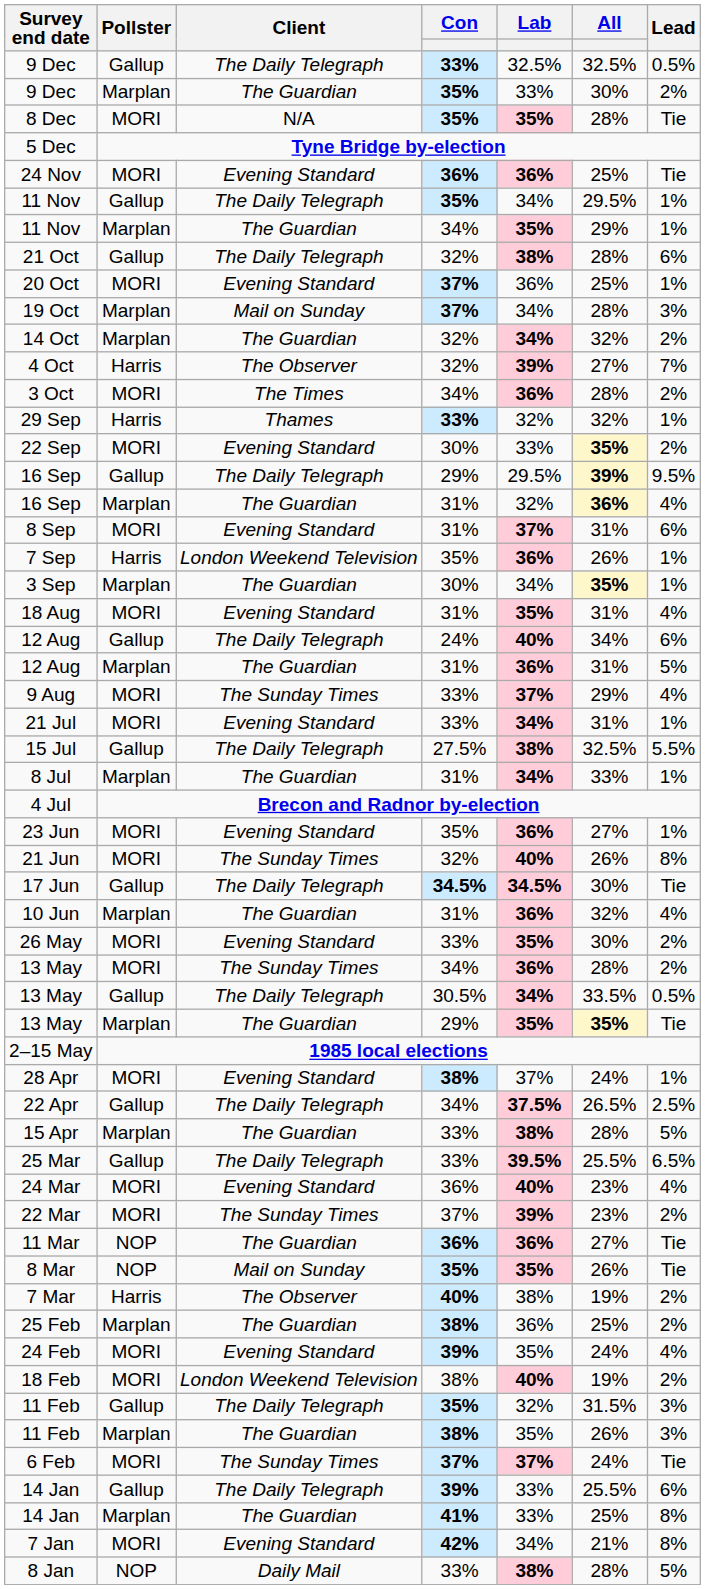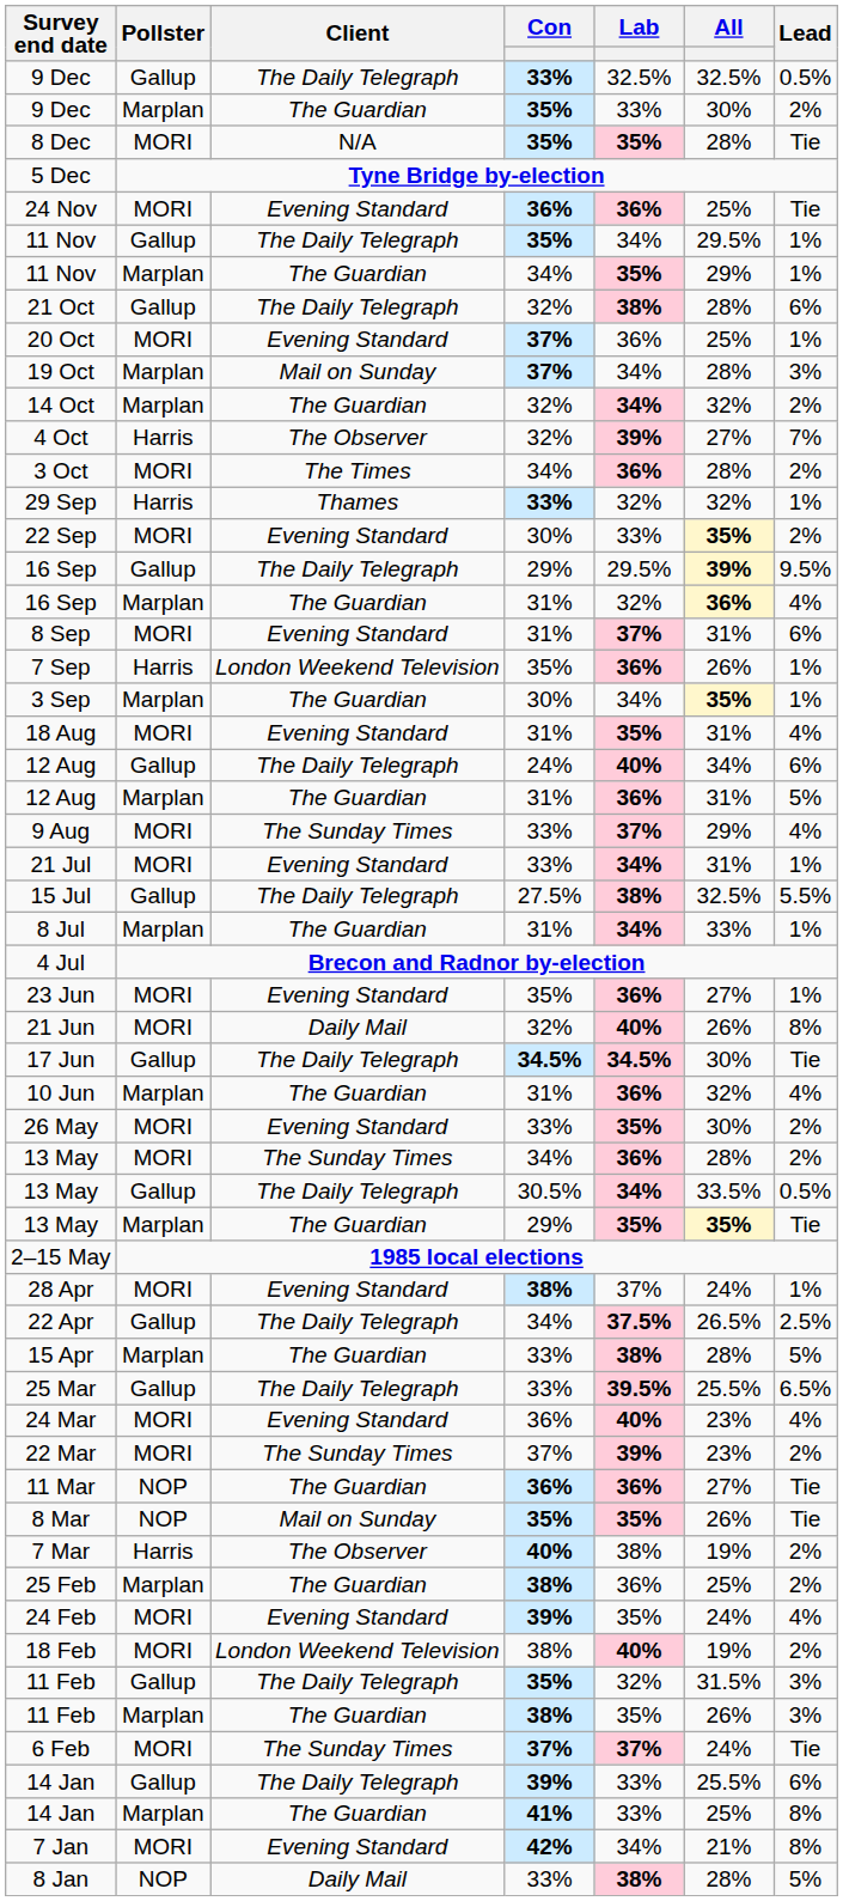 <table class="wikitable sortable mw-datatable" style="text-align:center;font-size:90%;line-height:14px;">
 <tr>
 <th rowspan="2">Survey<br>end date</th>
 <th rowspan="2">Pollster</th>
 <th rowspan="2">Client</th>
 <th class="unsortable" style="width:50px;"><a href='#'>Con</a></th>
 <th class="unsortable" style="width:50px;"><a href='#'>Lab</a></th>
 <th class="unsortable" style="width:50px;"><a href='#'>All</a></th>
 <th rowspan="2">Lead</th>
 </tr>
 <tr>
 <th style="background:"></th>
 <th style="background:"></th>
 <th style="background:"></th>
 </tr>
 <tr>
 <td>9 Dec</td>
 <td>Gallup</td>
 <td><em>The Daily Telegraph</em></td>
 <td style="background:#CCEBFF;"><strong>33%</strong></td>
 <td>32.5%</td>
 <td>32.5%</td>
 <td style="background:">0.5%</td>
 </tr>
 <tr>
 <td>9 Dec</td>
 <td>Marplan</td>
 <td><em>The Guardian</em></td>
 <td style="background:#CCEBFF;"><strong>35%</strong></td>
 <td>33%</td>
 <td>30%</td>
 <td style="background:">2%</td>
 </tr>
 <tr>
 <td>8 Dec</td>
 <td>MORI</td>
 <td>N/A</td>
 <td style="background:#CCEBFF;"><strong>35%</strong></td>
 <td style="background:#FFCCDA;"><strong>35%</strong></td>
 <td>28%</td>
 <td>Tie</td>
 </tr>
 <tr>
 <td>5 Dec</td>
 <td colspan="6"><a href='#'><strong>Tyne Bridge by-election</strong></a></td>
 </tr>
 <tr>
 <td>24 Nov</td>
 <td>MORI</td>
 <td><em>Evening Standard</em></td>
 <td style="background:#CCEBFF;"><strong>36%</strong></td>
 <td style="background:#FFCCDA;"><strong>36%</strong></td>
 <td>25%</td>
 <td>Tie</td>
 </tr>
 <tr>
 <td>11 Nov</td>
 <td>Gallup</td>
 <td><em>The Daily Telegraph</em></td>
 <td style="background:#CCEBFF;"><strong>35%</strong></td>
 <td>34%</td>
 <td>29.5%</td>
 <td style="background:">1%</td>
 </tr>
 <tr>
 <td>11 Nov</td>
 <td>Marplan</td>
 <td><em>The Guardian</em></td>
 <td>34%</td>
 <td style="background:#FFCCDA;"><strong>35%</strong></td>
 <td>29%</td>
 <td style="background:">1%</td>
 </tr>
 <tr>
 <td>21 Oct</td>
 <td>Gallup</td>
 <td><em>The Daily Telegraph</em></td>
 <td>32%</td>
 <td style="background:#FFCCDA;"><strong>38%</strong></td>
 <td>28%</td>
 <td style="background:">6%</td>
 </tr>
 <tr>
 <td>20 Oct</td>
 <td>MORI</td>
 <td><em>Evening Standard</em></td>
 <td style="background:#CCEBFF;"><strong>37%</strong></td>
 <td>36%</td>
 <td>25%</td>
 <td style="background:">1%</td>
 </tr>
 <tr>
 <td>19 Oct</td>
 <td>Marplan</td>
 <td><em>Mail on Sunday</em></td>
 <td style="background:#CCEBFF;"><strong>37%</strong></td>
 <td>34%</td>
 <td>28%</td>
 <td style="background:">3%</td>
 </tr>
 <tr>
 <td>14 Oct</td>
 <td>Marplan</td>
 <td><em>The Guardian</em></td>
 <td>32%</td>
 <td style="background:#FFCCDA;"><strong>34%</strong></td>
 <td>32%</td>
 <td style="background:">2%</td>
 </tr>
 <tr>
 <td>4 Oct</td>
 <td>Harris</td>
 <td><em>The Observer</em></td>
 <td>32%</td>
 <td style="background:#FFCCDA;"><strong>39%</strong></td>
 <td>27%</td>
 <td style="background:">7%</td>
 </tr>
 <tr>
 <td>3 Oct</td>
 <td>MORI</td>
 <td><em>The Times</em></td>
 <td>34%</td>
 <td style="background:#FFCCDA;"><strong>36%</strong></td>
 <td>28%</td>
 <td style="background:">2%</td>
 </tr>
 <tr>
 <td>29 Sep</td>
 <td>Harris</td>
 <td><em>Thames</em></td>
 <td style="background:#CCEBFF;"><strong>33%</strong></td>
 <td>32%</td>
 <td>32%</td>
 <td style="background:">1%</td>
 </tr>
 <tr>
 <td>22 Sep</td>
 <td>MORI</td>
 <td><em>Evening Standard</em></td>
 <td>30%</td>
 <td>33%</td>
 <td style="background:#FFF7CC"><strong>35%</strong></td>
 <td style="background:">2%</td>
 </tr>
 <tr>
 <td>16 Sep</td>
 <td>Gallup</td>
 <td><em>The Daily Telegraph</em></td>
 <td>29%</td>
 <td>29.5%</td>
 <td style="background:#FFF7CC"><strong>39%</strong></td>
 <td style="background:">9.5%</td>
 </tr>
 <tr>
 <td>16 Sep</td>
 <td>Marplan</td>
 <td><em>The Guardian</em></td>
 <td>31%</td>
 <td>32%</td>
 <td style="background:#FFF7CC"><strong>36%</strong></td>
 <td style="background:">4%</td>
 </tr>
 <tr>
 <td>8 Sep</td>
 <td>MORI</td>
 <td><em>Evening Standard</em></td>
 <td>31%</td>
 <td style="background:#FFCCDA;"><strong>37%</strong></td>
 <td>31%</td>
 <td style="background:">6%</td>
 </tr>
 <tr>
 <td>7 Sep</td>
 <td>Harris</td>
 <td><em>London Weekend Television</em></td>
 <td>35%</td>
 <td style="background:#FFCCDA;"><strong>36%</strong></td>
 <td>26%</td>
 <td style="background:">1%</td>
 </tr>
 <tr>
 <td>3 Sep</td>
 <td>Marplan</td>
 <td><em>The Guardian</em></td>
 <td>30%</td>
 <td>34%</td>
 <td style="background:#FFF7CC"><strong>35%</strong></td>
 <td style="background:">1%</td>
 </tr>
 <tr>
 <td>18 Aug</td>
 <td>MORI</td>
 <td><em>Evening Standard</em></td>
 <td>31%</td>
 <td style="background:#FFCCDA;"><strong>35%</strong></td>
 <td>31%</td>
 <td style="background:">4%</td>
 </tr>
 <tr>
 <td>12 Aug</td>
 <td>Gallup</td>
 <td><em>The Daily Telegraph</em></td>
 <td>24%</td>
 <td style="background:#FFCCDA;"><strong>40%</strong></td>
 <td>34%</td>
 <td style="background:">6%</td>
 </tr>
 <tr>
 <td>12 Aug</td>
 <td>Marplan</td>
 <td><em>The Guardian</em></td>
 <td>31%</td>
 <td style="background:#FFCCDA;"><strong>36%</strong></td>
 <td>31%</td>
 <td style="background:">5%</td>
 </tr>
 <tr>
 <td>9 Aug</td>
 <td>MORI</td>
 <td><em>The Sunday Times</em></td>
 <td>33%</td>
 <td style="background:#FFCCDA;"><strong>37%</strong></td>
 <td>29%</td>
 <td style="background:">4%</td>
 </tr>
 <tr>
 <td>21 Jul</td>
 <td>MORI</td>
 <td><em>Evening Standard</em></td>
 <td>33%</td>
 <td style="background:#FFCCDA;"><strong>34%</strong></td>
 <td>31%</td>
 <td style="background:">1%</td>
 </tr>
 <tr>
 <td>15 Jul</td>
 <td>Gallup</td>
 <td><em>The Daily Telegraph</em></td>
 <td>27.5%</td>
 <td style="background:#FFCCDA;"><strong>38%</strong></td>
 <td>32.5%</td>
 <td style="background:">5.5%</td>
 </tr>
 <tr>
 <td>8 Jul</td>
 <td>Marplan</td>
 <td><em>The Guardian</em></td>
 <td>31%</td>
 <td style="background:#FFCCDA;"><strong>34%</strong></td>
 <td>33%</td>
 <td style="background:">1%</td>
 </tr>
 <tr>
 <td>4 Jul</td>
 <td colspan="6"><a href='#'><strong>Brecon and Radnor by-election</strong></a></td>
 </tr>
 <tr>
 <td>23 Jun</td>
 <td>MORI</td>
 <td><em>Evening Standard</em></td>
 <td>35%</td>
 <td style="background:#FFCCDA;"><strong>36%</strong></td>
 <td>27%</td>
 <td style="background:">1%</td>
 </tr>
 <tr>
 <td>21 Jun</td>
 <td>MORI</td>
-<td><em>The Sunday Times</em></td>
+<td><em>Daily Mail</em></td>
 <td>32%</td>
 <td style="background:#FFCCDA;"><strong>40%</strong></td>
 <td>26%</td>
 <td style="background:">8%</td>
 </tr>
 <tr>
 <td>17 Jun</td>
 <td>Gallup</td>
 <td><em>The Daily Telegraph</em></td>
 <td style="background:#CCEBFF;"><strong>34.5%</strong></td>
 <td style="background:#FFCCDA;"><strong>34.5%</strong></td>
 <td>30%</td>
 <td>Tie</td>
 </tr>
 <tr>
 <td>10 Jun</td>
 <td>Marplan</td>
 <td><em>The Guardian</em></td>
 <td>31%</td>
 <td style="background:#FFCCDA;"><strong>36%</strong></td>
 <td>32%</td>
 <td style="background:">4%</td>
 </tr>
 <tr>
 <td>26 May</td>
 <td>MORI</td>
 <td><em>Evening Standard</em></td>
 <td>33%</td>
 <td style="background:#FFCCDA;"><strong>35%</strong></td>
 <td>30%</td>
 <td style="background:">2%</td>
 </tr>
 <tr>
 <td>13 May</td>
 <td>MORI</td>
 <td><em>The Sunday Times</em></td>
 <td>34%</td>
 <td style="background:#FFCCDA;"><strong>36%</strong></td>
 <td>28%</td>
 <td style="background:">2%</td>
 </tr>
 <tr>
 <td>13 May</td>
 <td>Gallup</td>
 <td><em>The Daily Telegraph</em></td>
 <td>30.5%</td>
 <td style="background:#FFCCDA;"><strong>34%</strong></td>
 <td>33.5%</td>
 <td style="background:">0.5%</td>
 </tr>
 <tr>
 <td>13 May</td>
 <td>Marplan</td>
 <td><em>The Guardian</em></td>
 <td>29%</td>
 <td style="background:#FFCCDA;"><strong>35%</strong></td>
 <td style="background:#FFF7CC"><strong>35%</strong></td>
 <td>Tie</td>
 </tr>
 <tr>
 <td>2–15 May</td>
 <td colspan="6"><a href='#'><strong>1985 local elections</strong></a></td>
 </tr>
 <tr>
 <td>28 Apr</td>
 <td>MORI</td>
 <td><em>Evening Standard</em></td>
 <td style="background:#CCEBFF;"><strong>38%</strong></td>
 <td>37%</td>
 <td>24%</td>
 <td style="background:">1%</td>
 </tr>
 <tr>
 <td>22 Apr</td>
 <td>Gallup</td>
 <td><em>The Daily Telegraph</em></td>
 <td>34%</td>
 <td style="background:#FFCCDA;"><strong>37.5%</strong></td>
 <td>26.5%</td>
 <td style="background:">2.5%</td>
 </tr>
 <tr>
 <td>15 Apr</td>
 <td>Marplan</td>
 <td><em>The Guardian</em></td>
 <td>33%</td>
 <td style="background:#FFCCDA;"><strong>38%</strong></td>
 <td>28%</td>
 <td style="background:">5%</td>
 </tr>
 <tr>
 <td>25 Mar</td>
 <td>Gallup</td>
 <td><em>The Daily Telegraph</em></td>
 <td>33%</td>
 <td style="background:#FFCCDA;"><strong>39.5%</strong></td>
 <td>25.5%</td>
 <td style="background:">6.5%</td>
 </tr>
 <tr>
 <td>24 Mar</td>
 <td>MORI</td>
 <td><em>Evening Standard</em></td>
 <td>36%</td>
 <td style="background:#FFCCDA;"><strong>40%</strong></td>
 <td>23%</td>
 <td style="background:">4%</td>
 </tr>
 <tr>
 <td>22 Mar</td>
 <td>MORI</td>
 <td><em>The Sunday Times</em></td>
 <td>37%</td>
 <td style="background:#FFCCDA;"><strong>39%</strong></td>
 <td>23%</td>
 <td style="background:">2%</td>
 </tr>
 <tr>
 <td>11 Mar</td>
 <td>NOP</td>
 <td><em>The Guardian</em></td>
 <td style="background:#CCEBFF;"><strong>36%</strong></td>
 <td style="background:#FFCCDA;"><strong>36%</strong></td>
 <td>27%</td>
 <td>Tie</td>
 </tr>
 <tr>
 <td>8 Mar</td>
 <td>NOP</td>
 <td><em>Mail on Sunday</em></td>
 <td style="background:#CCEBFF;"><strong>35%</strong></td>
 <td style="background:#FFCCDA;"><strong>35%</strong></td>
 <td>26%</td>
 <td>Tie</td>
 </tr>
 <tr>
 <td>7 Mar</td>
 <td>Harris</td>
 <td><em>The Observer</em></td>
 <td style="background:#CCEBFF;"><strong>40%</strong></td>
 <td>38%</td>
 <td>19%</td>
 <td style="background:">2%</td>
 </tr>
 <tr>
 <td>25 Feb</td>
 <td>Marplan</td>
 <td><em>The Guardian</em></td>
 <td style="background:#CCEBFF;"><strong>38%</strong></td>
 <td>36%</td>
 <td>25%</td>
 <td style="background:">2%</td>
 </tr>
 <tr>
 <td>24 Feb</td>
 <td>MORI</td>
 <td><em>Evening Standard</em></td>
 <td style="background:#CCEBFF;"><strong>39%</strong></td>
 <td>35%</td>
 <td>24%</td>
 <td style="background:">4%</td>
 </tr>
 <tr>
 <td>18 Feb</td>
 <td>MORI</td>
 <td><em>London Weekend Television</em></td>
 <td>38%</td>
 <td style="background:#FFCCDA;"><strong>40%</strong></td>
 <td>19%</td>
 <td style="background:">2%</td>
 </tr>
 <tr>
 <td>11 Feb</td>
 <td>Gallup</td>
 <td><em>The Daily Telegraph</em></td>
 <td style="background:#CCEBFF;"><strong>35%</strong></td>
 <td>32%</td>
 <td>31.5%</td>
 <td style="background:">3%</td>
 </tr>
 <tr>
 <td>11 Feb</td>
 <td>Marplan</td>
 <td><em>The Guardian</em></td>
 <td style="background:#CCEBFF;"><strong>38%</strong></td>
 <td>35%</td>
 <td>26%</td>
 <td style="background:">3%</td>
 </tr>
 <tr>
 <td>6 Feb</td>
 <td>MORI</td>
 <td><em>The Sunday Times</em></td>
 <td style="background:#CCEBFF;"><strong>37%</strong></td>
 <td style="background:#FFCCDA;"><strong>37%</strong></td>
 <td>24%</td>
 <td>Tie</td>
 </tr>
 <tr>
 <td>14 Jan</td>
 <td>Gallup</td>
 <td><em>The Daily Telegraph</em></td>
 <td style="background:#CCEBFF;"><strong>39%</strong></td>
 <td>33%</td>
 <td>25.5%</td>
 <td style="background:">6%</td>
 </tr>
 <tr>
 <td>14 Jan</td>
 <td>Marplan</td>
 <td><em>The Guardian</em></td>
 <td style="background:#CCEBFF;"><strong>41%</strong></td>
 <td>33%</td>
 <td>25%</td>
 <td style="background:">8%</td>
 </tr>
 <tr>
 <td>7 Jan</td>
 <td>MORI</td>
 <td><em>Evening Standard</em></td>
 <td style="background:#CCEBFF;"><strong>42%</strong></td>
 <td>34%</td>
 <td>21%</td>
 <td style="background:">8%</td>
 </tr>
 <tr>
 <td>8 Jan</td>
 <td>NOP</td>
 <td><em>Daily Mail</em></td>
 <td>33%</td>
 <td style="background:#FFCCDA;"><strong>38%</strong></td>
 <td>28%</td>
 <td style="background:">5%</td>
 </tr>
 </table>
